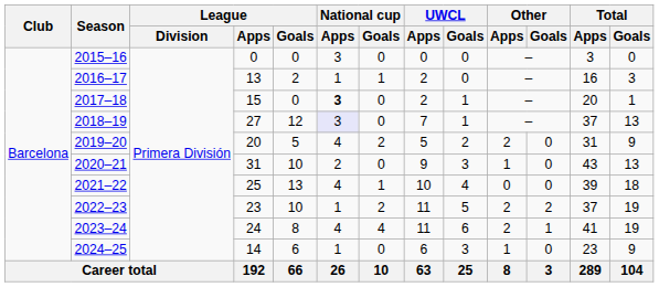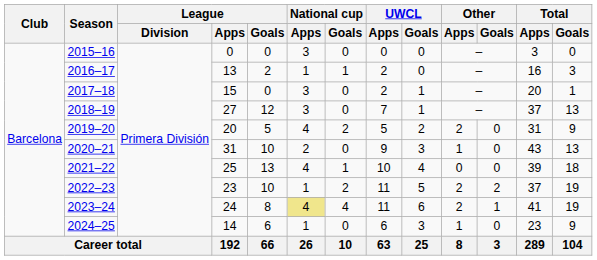 <table class="wikitable" style="text-align:center">
 <tr>
 <th rowspan="2">Club</th>
 <th rowspan="2">Season</th>
 <th colspan="3">League</th>
 <th colspan="2">National cup</th>
 <th colspan="2"><a href='#'>UWCL</a></th>
 <th colspan="2">Other</th>
 <th colspan="2">Total</th>
 </tr>
 <tr>
 <th>Division</th>
 <th>Apps</th>
 <th>Goals</th>
 <th>Apps</th>
 <th>Goals</th>
 <th>Apps</th>
 <th>Goals</th>
 <th>Apps</th>
 <th>Goals</th>
 <th>Apps</th>
 <th>Goals</th>
 </tr>
 <tr>
 <td rowspan="10"><a href='#'>Barcelona</a></td>
 <td><a href='#'>2015–16</a></td>
 <td rowspan="10"><a href='#'>Primera División</a></td>
 <td>0</td>
 <td>0</td>
 <td>3</td>
 <td>0</td>
 <td>0</td>
 <td>0</td>
 <td colspan="2">–</td>
 <td>3</td>
 <td>0</td>
 </tr>
 <tr>
 <td><a href='#'>2016–17</a></td>
 <td>13</td>
 <td>2</td>
 <td>1</td>
 <td>1</td>
 <td>2</td>
 <td>0</td>
 <td colspan="2">–</td>
 <td>16</td>
 <td>3</td>
 </tr>
 <tr>
 <td><a href='#'>2017–18</a></td>
 <td>15</td>
 <td>0</td>
-<td><strong>3</strong></td>
+<td>3</td>
 <td>0</td>
 <td>2</td>
 <td>1</td>
 <td colspan="2">–</td>
 <td>20</td>
 <td>1</td>
 </tr>
 <tr>
 <td><a href='#'>2018–19</a></td>
 <td>27</td>
 <td>12</td>
-<td style="background: lavender;">3</td>
+<td>3</td>
 <td>0</td>
 <td>7</td>
 <td>1</td>
 <td colspan="2">–</td>
 <td>37</td>
 <td>13</td>
 </tr>
 <tr>
 <td><a href='#'>2019–20</a></td>
 <td>20</td>
 <td>5</td>
 <td>4</td>
 <td>2</td>
 <td>5</td>
 <td>2</td>
 <td>2</td>
 <td>0</td>
 <td>31</td>
 <td>9</td>
 </tr>
 <tr>
 <td><a href='#'>2020–21</a></td>
 <td>31</td>
 <td>10</td>
 <td>2</td>
 <td>0</td>
 <td>9</td>
 <td>3</td>
 <td>1</td>
 <td>0</td>
 <td>43</td>
 <td>13</td>
 </tr>
 <tr>
 <td><a href='#'>2021–22</a></td>
 <td>25</td>
 <td>13</td>
 <td>4</td>
 <td>1</td>
 <td>10</td>
 <td>4</td>
 <td>0</td>
 <td>0</td>
 <td>39</td>
 <td>18</td>
 </tr>
 <tr>
 <td><a href='#'>2022–23</a></td>
 <td>23</td>
 <td>10</td>
 <td>1</td>
 <td>2</td>
 <td>11</td>
 <td>5</td>
 <td>2</td>
 <td>2</td>
 <td>37</td>
 <td>19</td>
 </tr>
 <tr>
 <td><a href='#'>2023–24</a></td>
 <td>24</td>
 <td>8</td>
-<td>4</td>
+<td style="background: khaki;">4</td>
 <td>4</td>
 <td>11</td>
 <td>6</td>
 <td>2</td>
 <td>1</td>
 <td>41</td>
 <td>19</td>
 </tr>
 <tr>
 <td><a href='#'>2024–25</a></td>
 <td>14</td>
 <td>6</td>
 <td>1</td>
 <td>0</td>
 <td>6</td>
 <td>3</td>
 <td>1</td>
 <td>0</td>
 <td>23</td>
 <td>9</td>
 </tr>
 <tr>
 <th colspan="3">Career total</th>
 <th>192</th>
 <th>66</th>
 <th>26</th>
 <th>10</th>
 <th>63</th>
 <th>25</th>
 <th>8</th>
 <th>3</th>
 <th>289</th>
 <th>104</th>
 </tr>
 </table>
